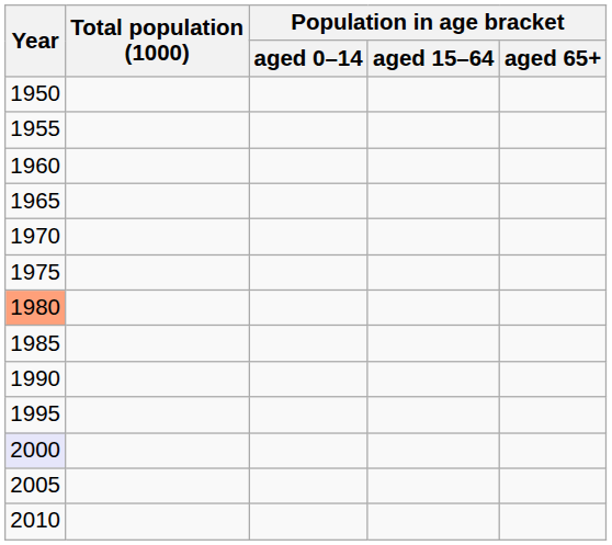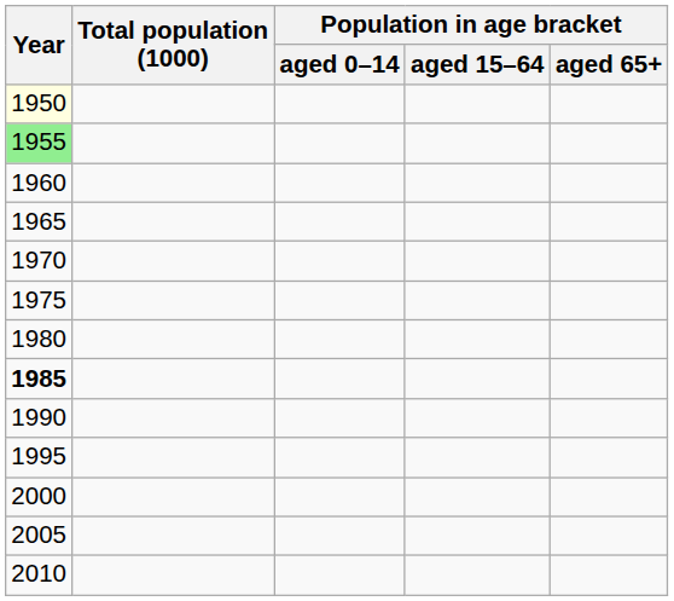 <table class="wikitable">
 <tr>
 <th rowspan=2>Year</th>
 <th rowspan=2>Total population<br>(1000)</th>
 <th colspan=3>Population in age bracket</th>
 </tr>
 <tr>
 <th>aged 0–14</th>
 <th>aged 15–64</th>
 <th>aged 65+</th>
 </tr>
 <tr>
-<td>1950</td>
+<td style="background: lightyellow;">1950</td>
 <td align=right></td>
 <td></td>
 <td></td>
 <td></td>
 </tr>
 <tr>
-<td>1955</td>
+<td style="background: lightgreen;">1955</td>
 <td align=right></td>
 <td></td>
 <td></td>
 <td></td>
 </tr>
 <tr>
 <td>1960</td>
 <td align=right></td>
 <td></td>
 <td></td>
 <td></td>
 </tr>
 <tr>
 <td>1965</td>
 <td align=right></td>
 <td></td>
 <td></td>
 <td></td>
 </tr>
 <tr>
 <td>1970</td>
 <td align=right></td>
 <td></td>
 <td></td>
 <td></td>
 </tr>
 <tr>
 <td>1975</td>
 <td align=right></td>
 <td></td>
 <td></td>
 <td></td>
 </tr>
 <tr>
-<td style="background: lightsalmon;">1980</td>
+<td>1980</td>
 <td align=right></td>
 <td></td>
 <td></td>
 <td></td>
 </tr>
 <tr>
-<td>1985</td>
+<td><strong>1985</strong></td>
 <td align=right></td>
 <td></td>
 <td></td>
 <td></td>
 </tr>
 <tr>
 <td>1990</td>
 <td align=right></td>
 <td></td>
 <td></td>
 <td></td>
 </tr>
 <tr>
 <td>1995</td>
 <td align=right></td>
 <td></td>
 <td></td>
 <td></td>
 </tr>
 <tr>
-<td style="background: lavender;">2000</td>
+<td>2000</td>
 <td align=right></td>
 <td></td>
 <td></td>
 <td></td>
 </tr>
 <tr>
 <td>2005</td>
 <td align=right></td>
 <td></td>
 <td></td>
 <td></td>
 </tr>
 <tr>
 <td>2010</td>
 <td align=right></td>
 <td></td>
 <td></td>
 <td></td>
 </tr>
 </table>
